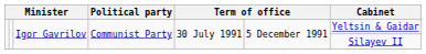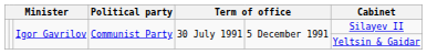 <table class="wikitable" style="text-align:center;">
 <tr>
 <th colspan=3>Minister</th>
 <th>Political party</th>
 <th colspan=2>Term of office</th>
 <th>Cabinet</th>
 </tr>
 <tr>
 <td rowspan=2 style="background: "></td>
 <td rowspan=2></td>
 <td rowspan=2><a href='#'>Igor Gavrilov</a></td>
 <td rowspan=2><a href='#'>Communist Party</a></td>
 <td rowspan=2>30 July 1991</td>
 <td rowspan=2>5 December 1991</td>
+<td><a href='#'>Silayev II</a></td>
+</tr>
+<tr>
 <td><a href='#'>Yeltsin & Gaidar</a></td>
 </tr>
-<tr>
-<td><a href='#'>Silayev II</a></td>
-</tr>
 </table>
